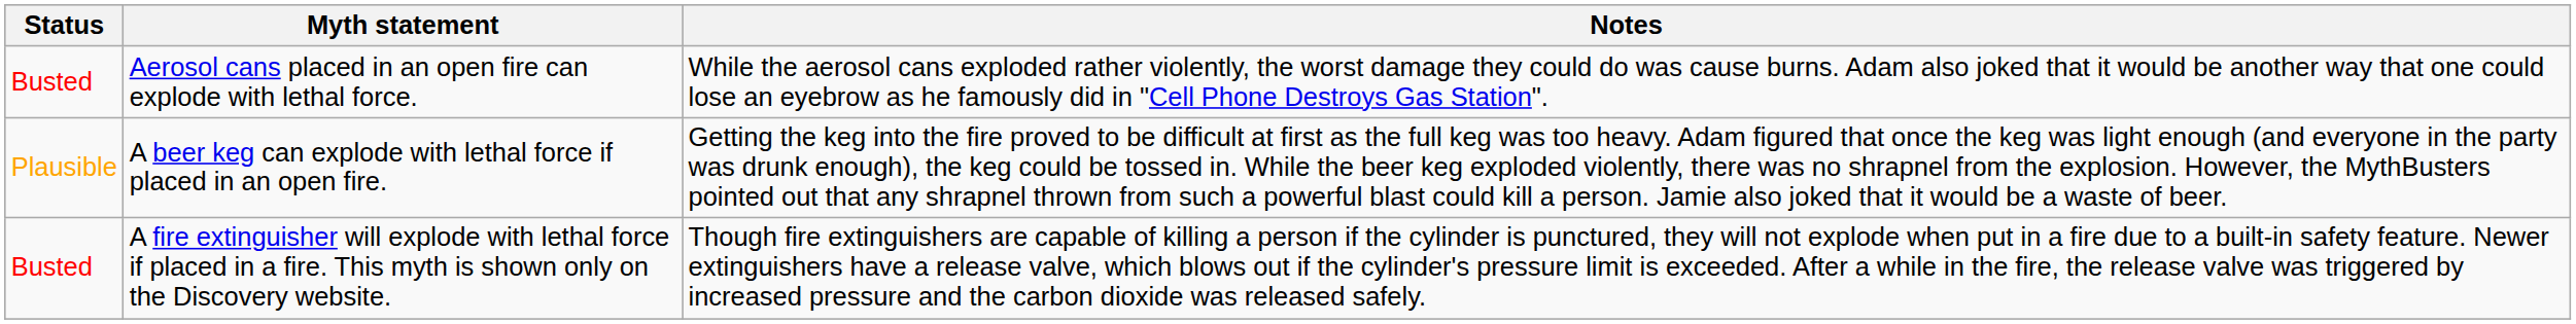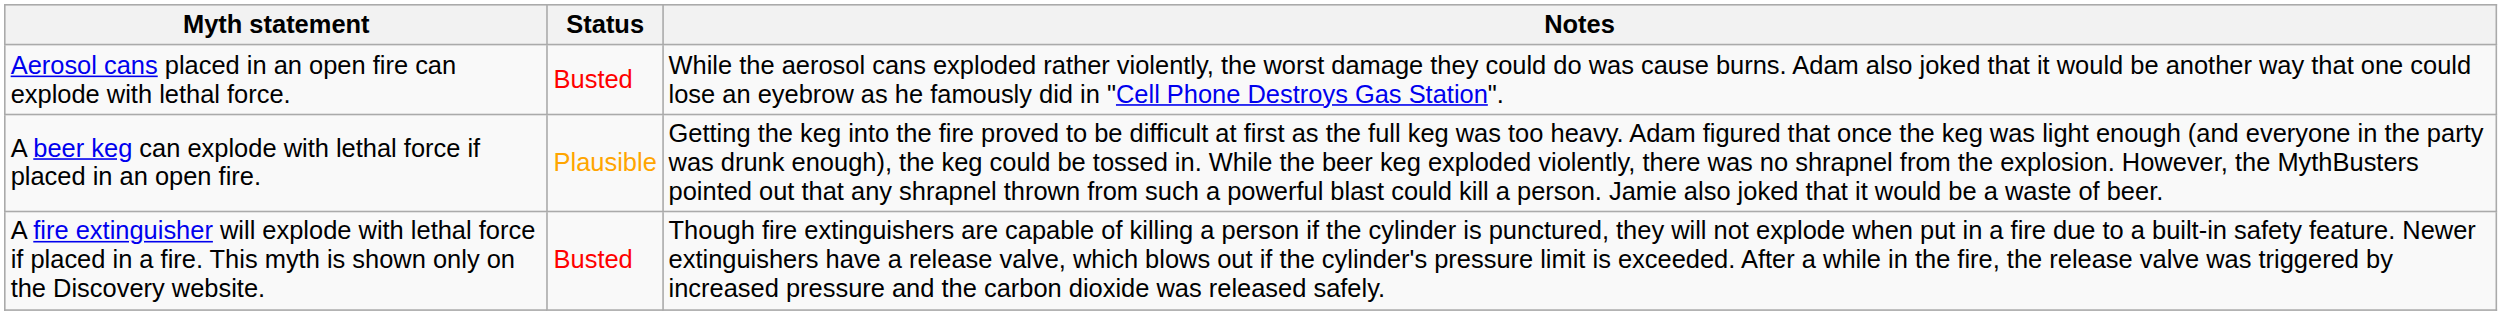 <table class="wikitable plainrowheaders">
 <tr>
+<th>Myth statement</th>
 <th>Status</th>
-<th>Myth statement</th>
 <th>Notes</th>
 </tr>
 <tr>
+<td><a href='#'>Aerosol cans</a> placed in an open fire can explode with lethal force.</td>
 <td style="color:Red">Busted</td>
-<td><a href='#'>Aerosol cans</a> placed in an open fire can explode with lethal force.</td>
 <td>While the aerosol cans exploded rather violently, the worst damage they could do was cause burns. Adam also joked that it would be another way that one could lose an eyebrow as he famously did in "<a href='#'>Cell Phone Destroys Gas Station</a>".</td>
 </tr>
 <tr>
+<td>A <a href='#'>beer keg</a> can explode with lethal force if placed in an open fire.</td>
 <td style="color:Orange">Plausible</td>
-<td>A <a href='#'>beer keg</a> can explode with lethal force if placed in an open fire.</td>
 <td>Getting the keg into the fire proved to be difficult at first as the full keg was too heavy. Adam figured that once the keg was light enough (and everyone in the party was drunk enough), the keg could be tossed in. While the beer keg exploded violently, there was no shrapnel from the explosion. However, the MythBusters pointed out that any shrapnel thrown from such a powerful blast could kill a person. Jamie also joked that it would be a waste of beer.</td>
 </tr>
 <tr>
+<td>A <a href='#'>fire extinguisher</a> will explode with lethal force if placed in a fire. This myth is shown only on the Discovery website.</td>
 <td style="color:Red">Busted</td>
-<td>A <a href='#'>fire extinguisher</a> will explode with lethal force if placed in a fire. This myth is shown only on the Discovery website.</td>
 <td>Though fire extinguishers are capable of killing a person if the cylinder is punctured, they will not explode when put in a fire due to a built-in safety feature. Newer extinguishers have a release valve, which blows out if the cylinder's pressure limit is exceeded. After a while in the fire, the release valve was triggered by increased pressure and the carbon dioxide was released safely.</td>
 </tr>
 </table>
